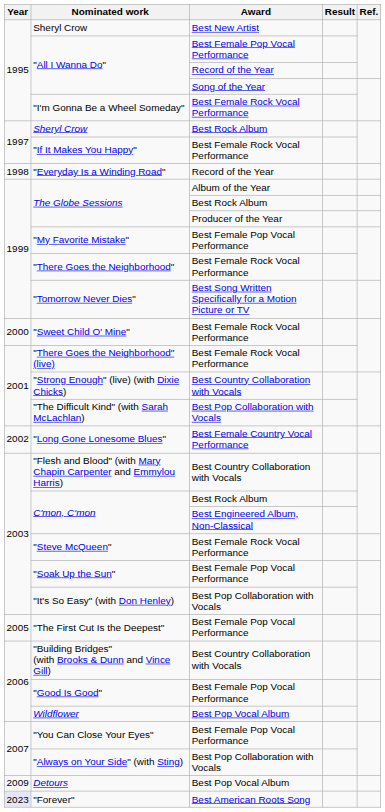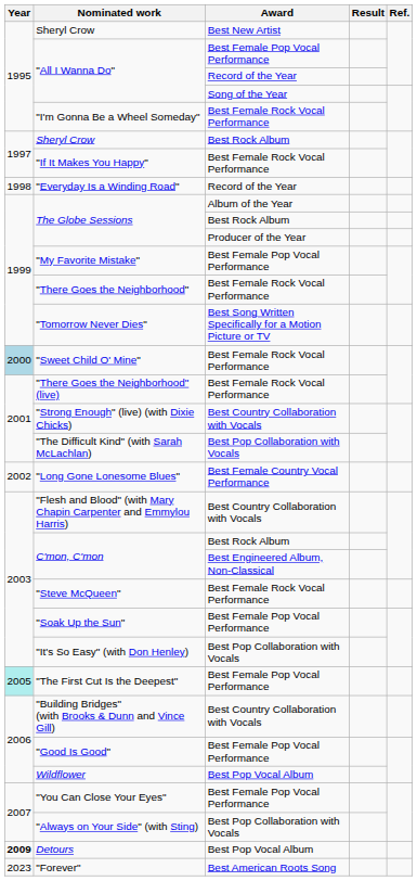 <table class="wikitable">
 <tr>
 <th>Year</th>
 <th>Nominated work</th>
 <th>Award</th>
 <th>Result</th>
 <th>Ref.</th>
 </tr>
 <tr>
 <td align="center" rowspan=5>1995</td>
 <td>Sheryl Crow</td>
 <td><a href='#'>Best New Artist</a></td>
 <td></td>
 <td rowspan=3 align="center"></td>
 </tr>
 <tr>
 <td rowspan=3>"<a href='#'>All I Wanna Do</a>"</td>
 <td><a href='#'>Best Female Pop Vocal Performance</a></td>
 <td></td>
 </tr>
 <tr>
 <td><a href='#'>Record of the Year</a></td>
 <td></td>
 </tr>
 <tr>
 <td><a href='#'>Song of the Year</a></td>
 <td></td>
 <td align="center" rowspan=2></td>
 </tr>
 <tr>
 <td>"I'm Gonna Be a Wheel Someday"</td>
 <td><a href='#'>Best Female Rock Vocal Performance</a></td>
 <td></td>
 </tr>
 <tr>
 <td align="center" rowspan=2>1997</td>
 <td><em><a href='#'>Sheryl Crow</a></em></td>
 <td><a href='#'>Best Rock Album</a></td>
 <td></td>
 <td align="center" rowspan=2></td>
 </tr>
 <tr>
 <td>"<a href='#'>If It Makes You Happy</a>"</td>
 <td>Best Female Rock Vocal Performance</td>
 <td></td>
 </tr>
 <tr>
 <td align="center">1998</td>
 <td>"<a href='#'>Everyday Is a Winding Road</a>"</td>
 <td>Record of the Year</td>
 <td></td>
 <td align="center"></td>
 </tr>
 <tr>
 <td align="center" rowspan="6">1999</td>
 <td rowspan=3><em><a href='#'>The Globe Sessions</a></em></td>
 <td>Album of the Year</td>
 <td></td>
 <td align="center"></td>
 </tr>
 <tr>
 <td>Best Rock Album</td>
 <td></td>
 <td align="center"></td>
 </tr>
 <tr>
 <td>Producer of the Year</td>
 <td></td>
 <td align="center"></td>
 </tr>
 <tr>
 <td>"<a href='#'>My Favorite Mistake</a>"</td>
 <td>Best Female Pop Vocal Performance</td>
 <td></td>
 <td align="center" rowspan=2></td>
 </tr>
 <tr>
 <td>"<a href='#'>There Goes the Neighborhood</a>"</td>
 <td>Best Female Rock Vocal Performance</td>
 <td></td>
 </tr>
 <tr>
 <td>"<a href='#'>Tomorrow Never Dies</a>"</td>
 <td><a href='#'>Best Song Written Specifically for a Motion Picture or TV</a></td>
 <td></td>
 <td align="center"></td>
 </tr>
 <tr>
-<td align="center">2000</td>
+<td align="center" style="background: lightblue;">2000</td>
 <td>"<a href='#'>Sweet Child O' Mine</a>"</td>
 <td>Best Female Rock Vocal Performance</td>
 <td></td>
 <td align="center" rowspan=2></td>
 </tr>
 <tr>
 <td align="center" rowspan=3>2001</td>
 <td>"<a href='#'>There Goes the Neighborhood" (live)</a></td>
 <td>Best Female Rock Vocal Performance</td>
 <td></td>
 </tr>
 <tr>
 <td>"<a href='#'>Strong Enough</a>" (live) (with <a href='#'>Dixie Chicks</a>)</td>
 <td><a href='#'>Best Country Collaboration with Vocals</a></td>
 <td></td>
 <td align="center" rowspan=2></td>
 </tr>
 <tr>
 <td>"The Difficult Kind" (with <a href='#'>Sarah McLachlan</a>)</td>
 <td><a href='#'>Best Pop Collaboration with Vocals</a></td>
 <td></td>
 </tr>
 <tr>
 <td align="center">2002</td>
 <td>"<a href='#'>Long Gone Lonesome Blues</a>"</td>
 <td><a href='#'>Best Female Country Vocal Performance</a></td>
 <td></td>
 <td align="center"></td>
 </tr>
 <tr>
 <td align="center" rowspan="6">2003</td>
 <td>"Flesh and Blood" (with <a href='#'>Mary Chapin Carpenter</a> and <a href='#'>Emmylou Harris</a>)</td>
 <td>Best Country Collaboration with Vocals</td>
 <td></td>
 <td align="center" rowspan=3></td>
 </tr>
 <tr>
 <td rowspan=2><em><a href='#'>C'mon, C'mon</a></em></td>
 <td>Best Rock Album</td>
 <td></td>
 </tr>
 <tr>
 <td><a href='#'>Best Engineered Album, Non-Classical</a></td>
 <td></td>
 </tr>
 <tr>
 <td>"<a href='#'>Steve McQueen</a>"</td>
 <td>Best Female Rock Vocal Performance</td>
 <td></td>
 <td align="center"></td>
 </tr>
 <tr>
 <td>"<a href='#'>Soak Up the Sun</a>"</td>
 <td>Best Female Pop Vocal Performance</td>
 <td></td>
 <td align="center" rowspan=2></td>
 </tr>
 <tr>
 <td>"It's So Easy" (with <a href='#'>Don Henley</a>)</td>
 <td>Best Pop Collaboration with Vocals</td>
 <td></td>
 </tr>
 <tr>
-<td align="center">2005</td>
+<td align="center" style="background: paleturquoise;">2005</td>
 <td>"The First Cut Is the Deepest"</td>
 <td>Best Female Pop Vocal Performance</td>
 <td></td>
 <td align="center"></td>
 </tr>
 <tr>
 <td align="center" rowspan=3>2006</td>
 <td>"Building Bridges"<br>(with <a href='#'>Brooks & Dunn</a> and <a href='#'>Vince Gill</a>)</td>
 <td>Best Country Collaboration with Vocals</td>
 <td></td>
 <td align="center"></td>
 </tr>
 <tr>
 <td>"<a href='#'>Good Is Good</a>"</td>
 <td>Best Female Pop Vocal Performance</td>
 <td></td>
 <td align="center" rowspan=2></td>
 </tr>
 <tr>
 <td><em><a href='#'>Wildflower</a></em></td>
 <td><a href='#'>Best Pop Vocal Album</a></td>
 <td></td>
 </tr>
 <tr>
 <td align="center" rowspan=2>2007</td>
 <td>"You Can Close Your Eyes"</td>
 <td>Best Female Pop Vocal Performance</td>
 <td></td>
 <td align="center" rowspan=2></td>
 </tr>
 <tr>
 <td>"<a href='#'>Always on Your Side</a>" (with <a href='#'>Sting</a>)</td>
 <td>Best Pop Collaboration with Vocals</td>
 <td></td>
 </tr>
 <tr>
-<td align="center">2009</td>
+<td align="center"><strong>2009</strong></td>
 <td><em><a href='#'>Detours</a></em></td>
 <td>Best Pop Vocal Album</td>
 <td></td>
 <td align="center"></td>
 </tr>
 <tr>
-<td align="center" style="background: lavender;">2023</td>
+<td align="center">2023</td>
 <td>"Forever"</td>
 <td><a href='#'>Best American Roots Song</a></td>
 <td></td>
 <td align="center"></td>
 </tr>
 </table>
